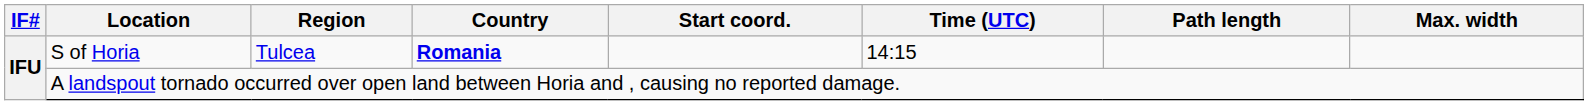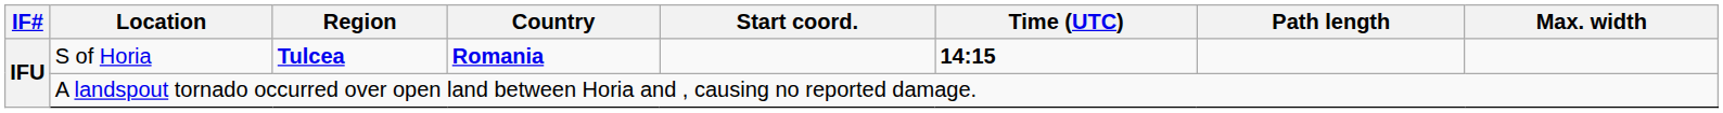 <table class="wikitable sortable" style="width:100%;">
 <tr>
 <th scope="col" width="2%" align="center"><a href='#'>IF#</a></th>
 <th scope="col" align="center" class="unsortable">Location</th>
 <th scope="col" align="center" class="unsortable">Region</th>
 <th scope="col" align="center">Country</th>
 <th scope="col" align="center">Start coord.</th>
 <th scope="col" align="center">Time (<a href='#'>UTC</a>)</th>
 <th scope="col" align="center">Path length</th>
 <th scope="col" align="center">Max. width</th>
 </tr>
 <tr>
 <th scope="row" rowspan="2" style="background-color:#">IFU</th>
 <td>S of <a href='#'>Horia</a></td>
-<td><a href='#'>Tulcea</a></td>
+<td><strong><a href='#'>Tulcea</a></strong></td>
 <td><strong><a href='#'>Romania</a></strong></td>
 <td></td>
-<td>14:15</td>
+<td><strong>14:15</strong></td>
 <td></td>
 <td></td>
 </tr>
 <tr class="expand-child">
 <td colspan="8" style=" border-bottom: 1px solid black;">A <a href='#'>landspout</a> tornado occurred over open land between Horia and , causing no reported damage.</td>
 </tr>
 </table>
